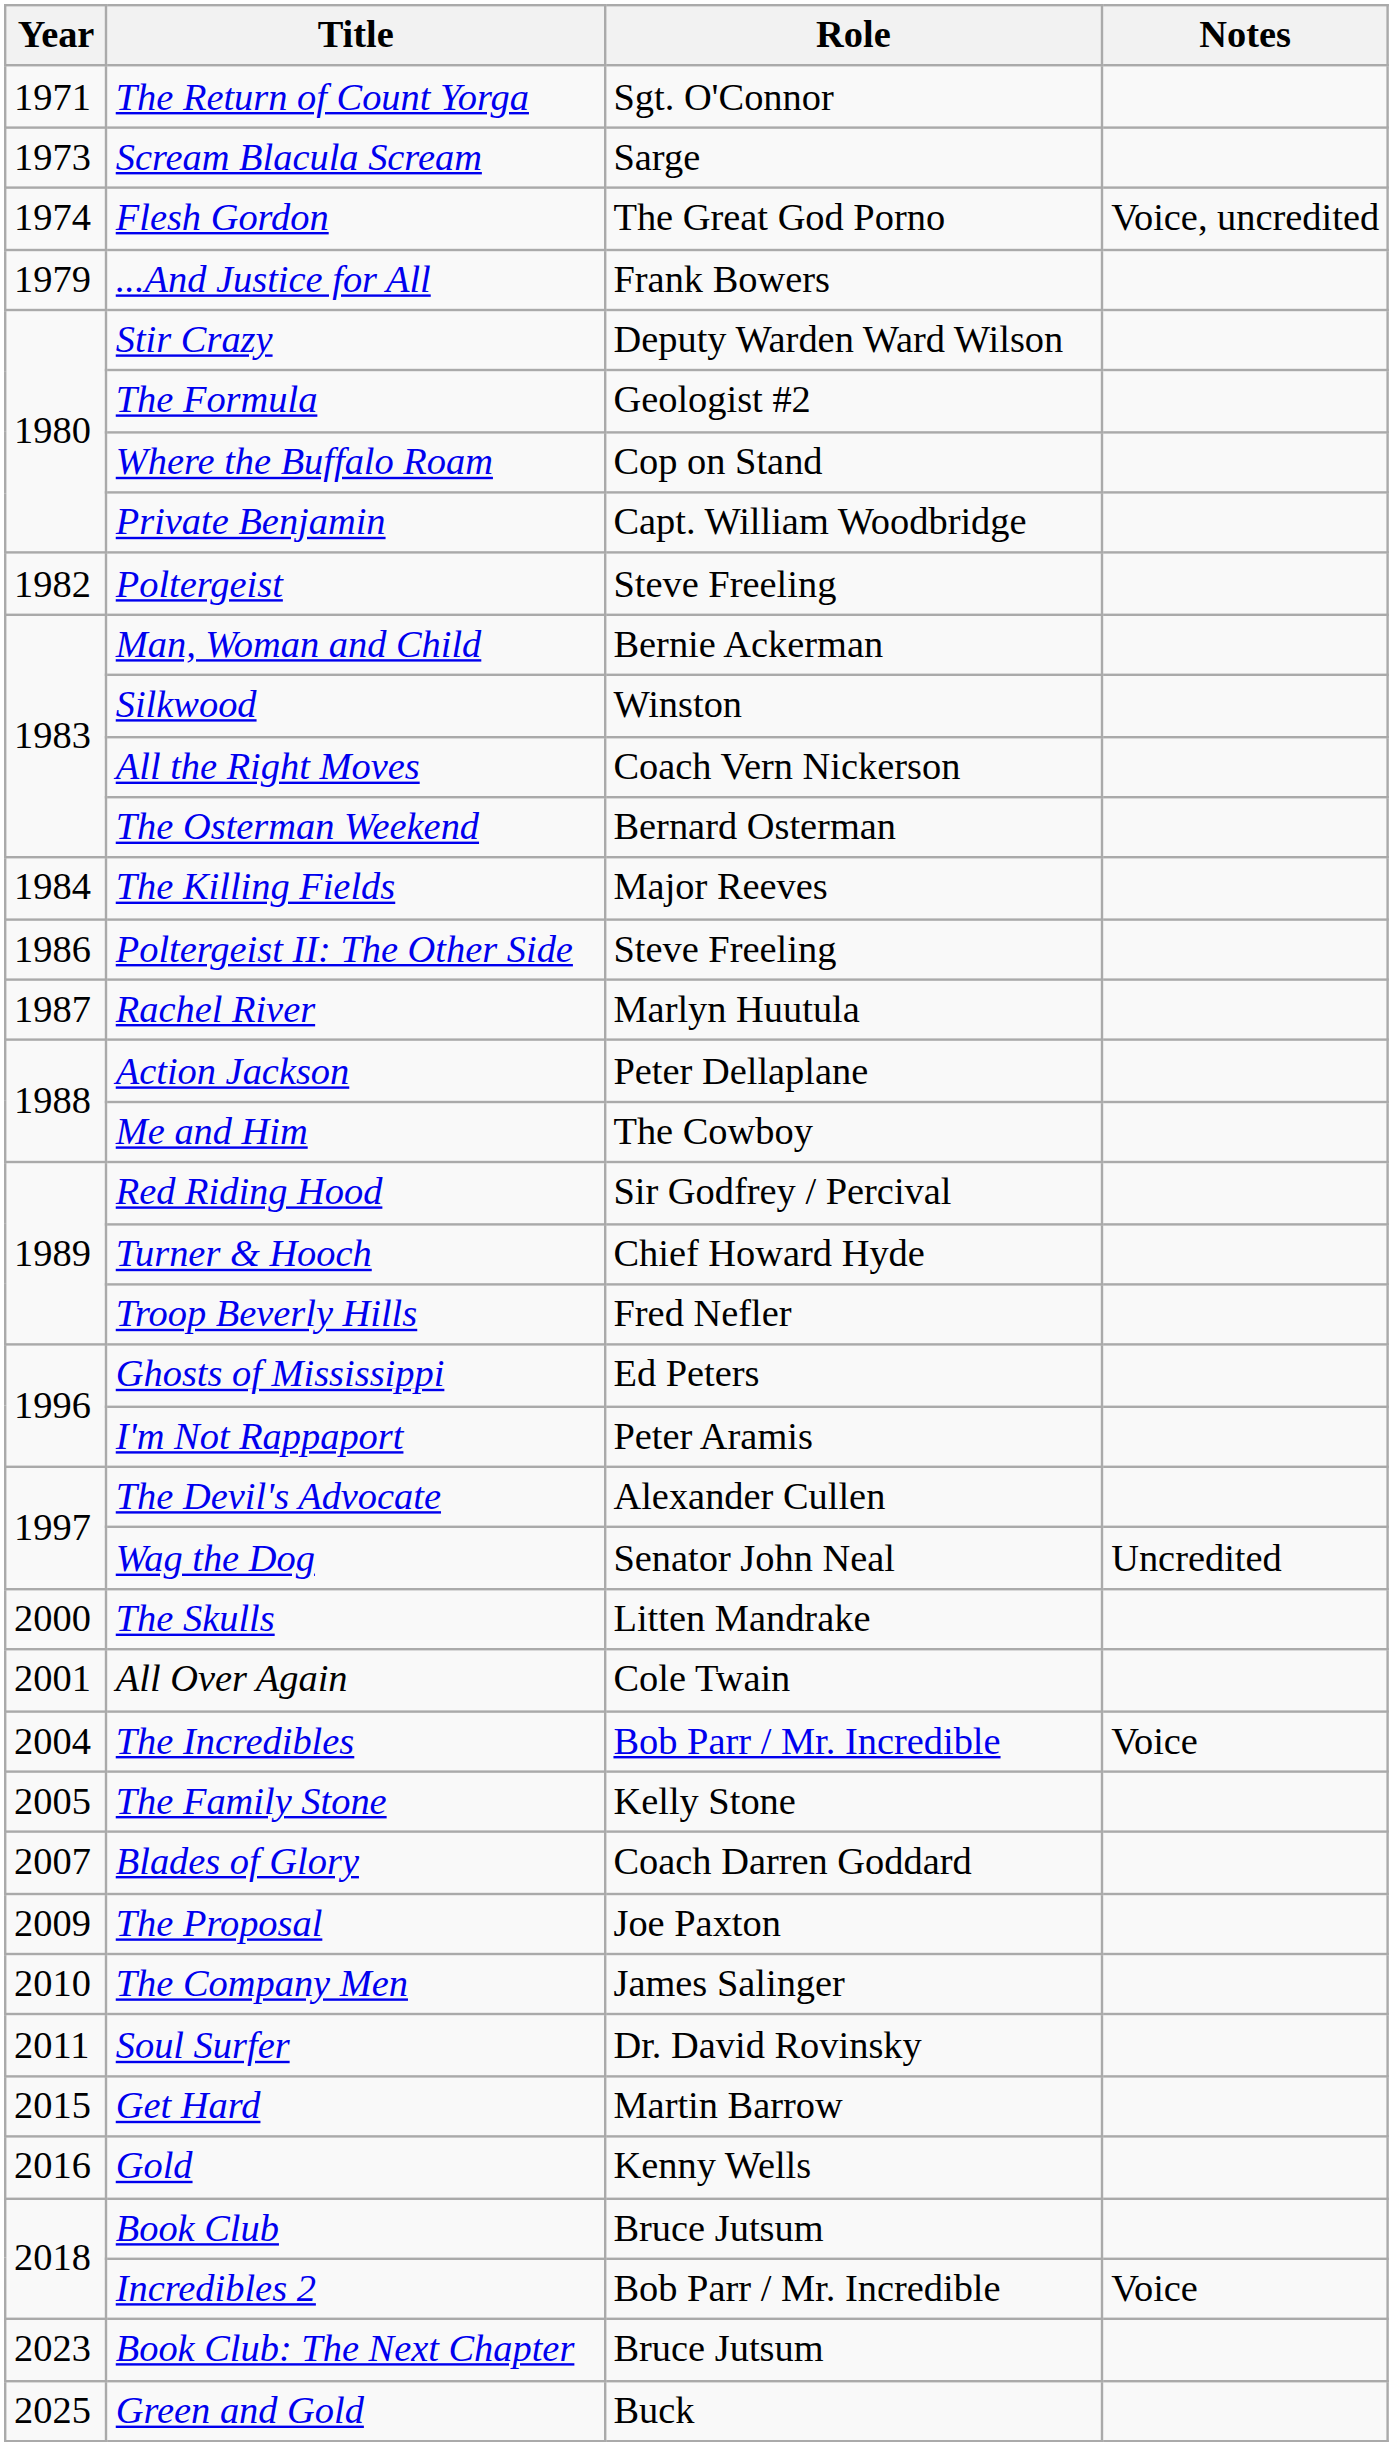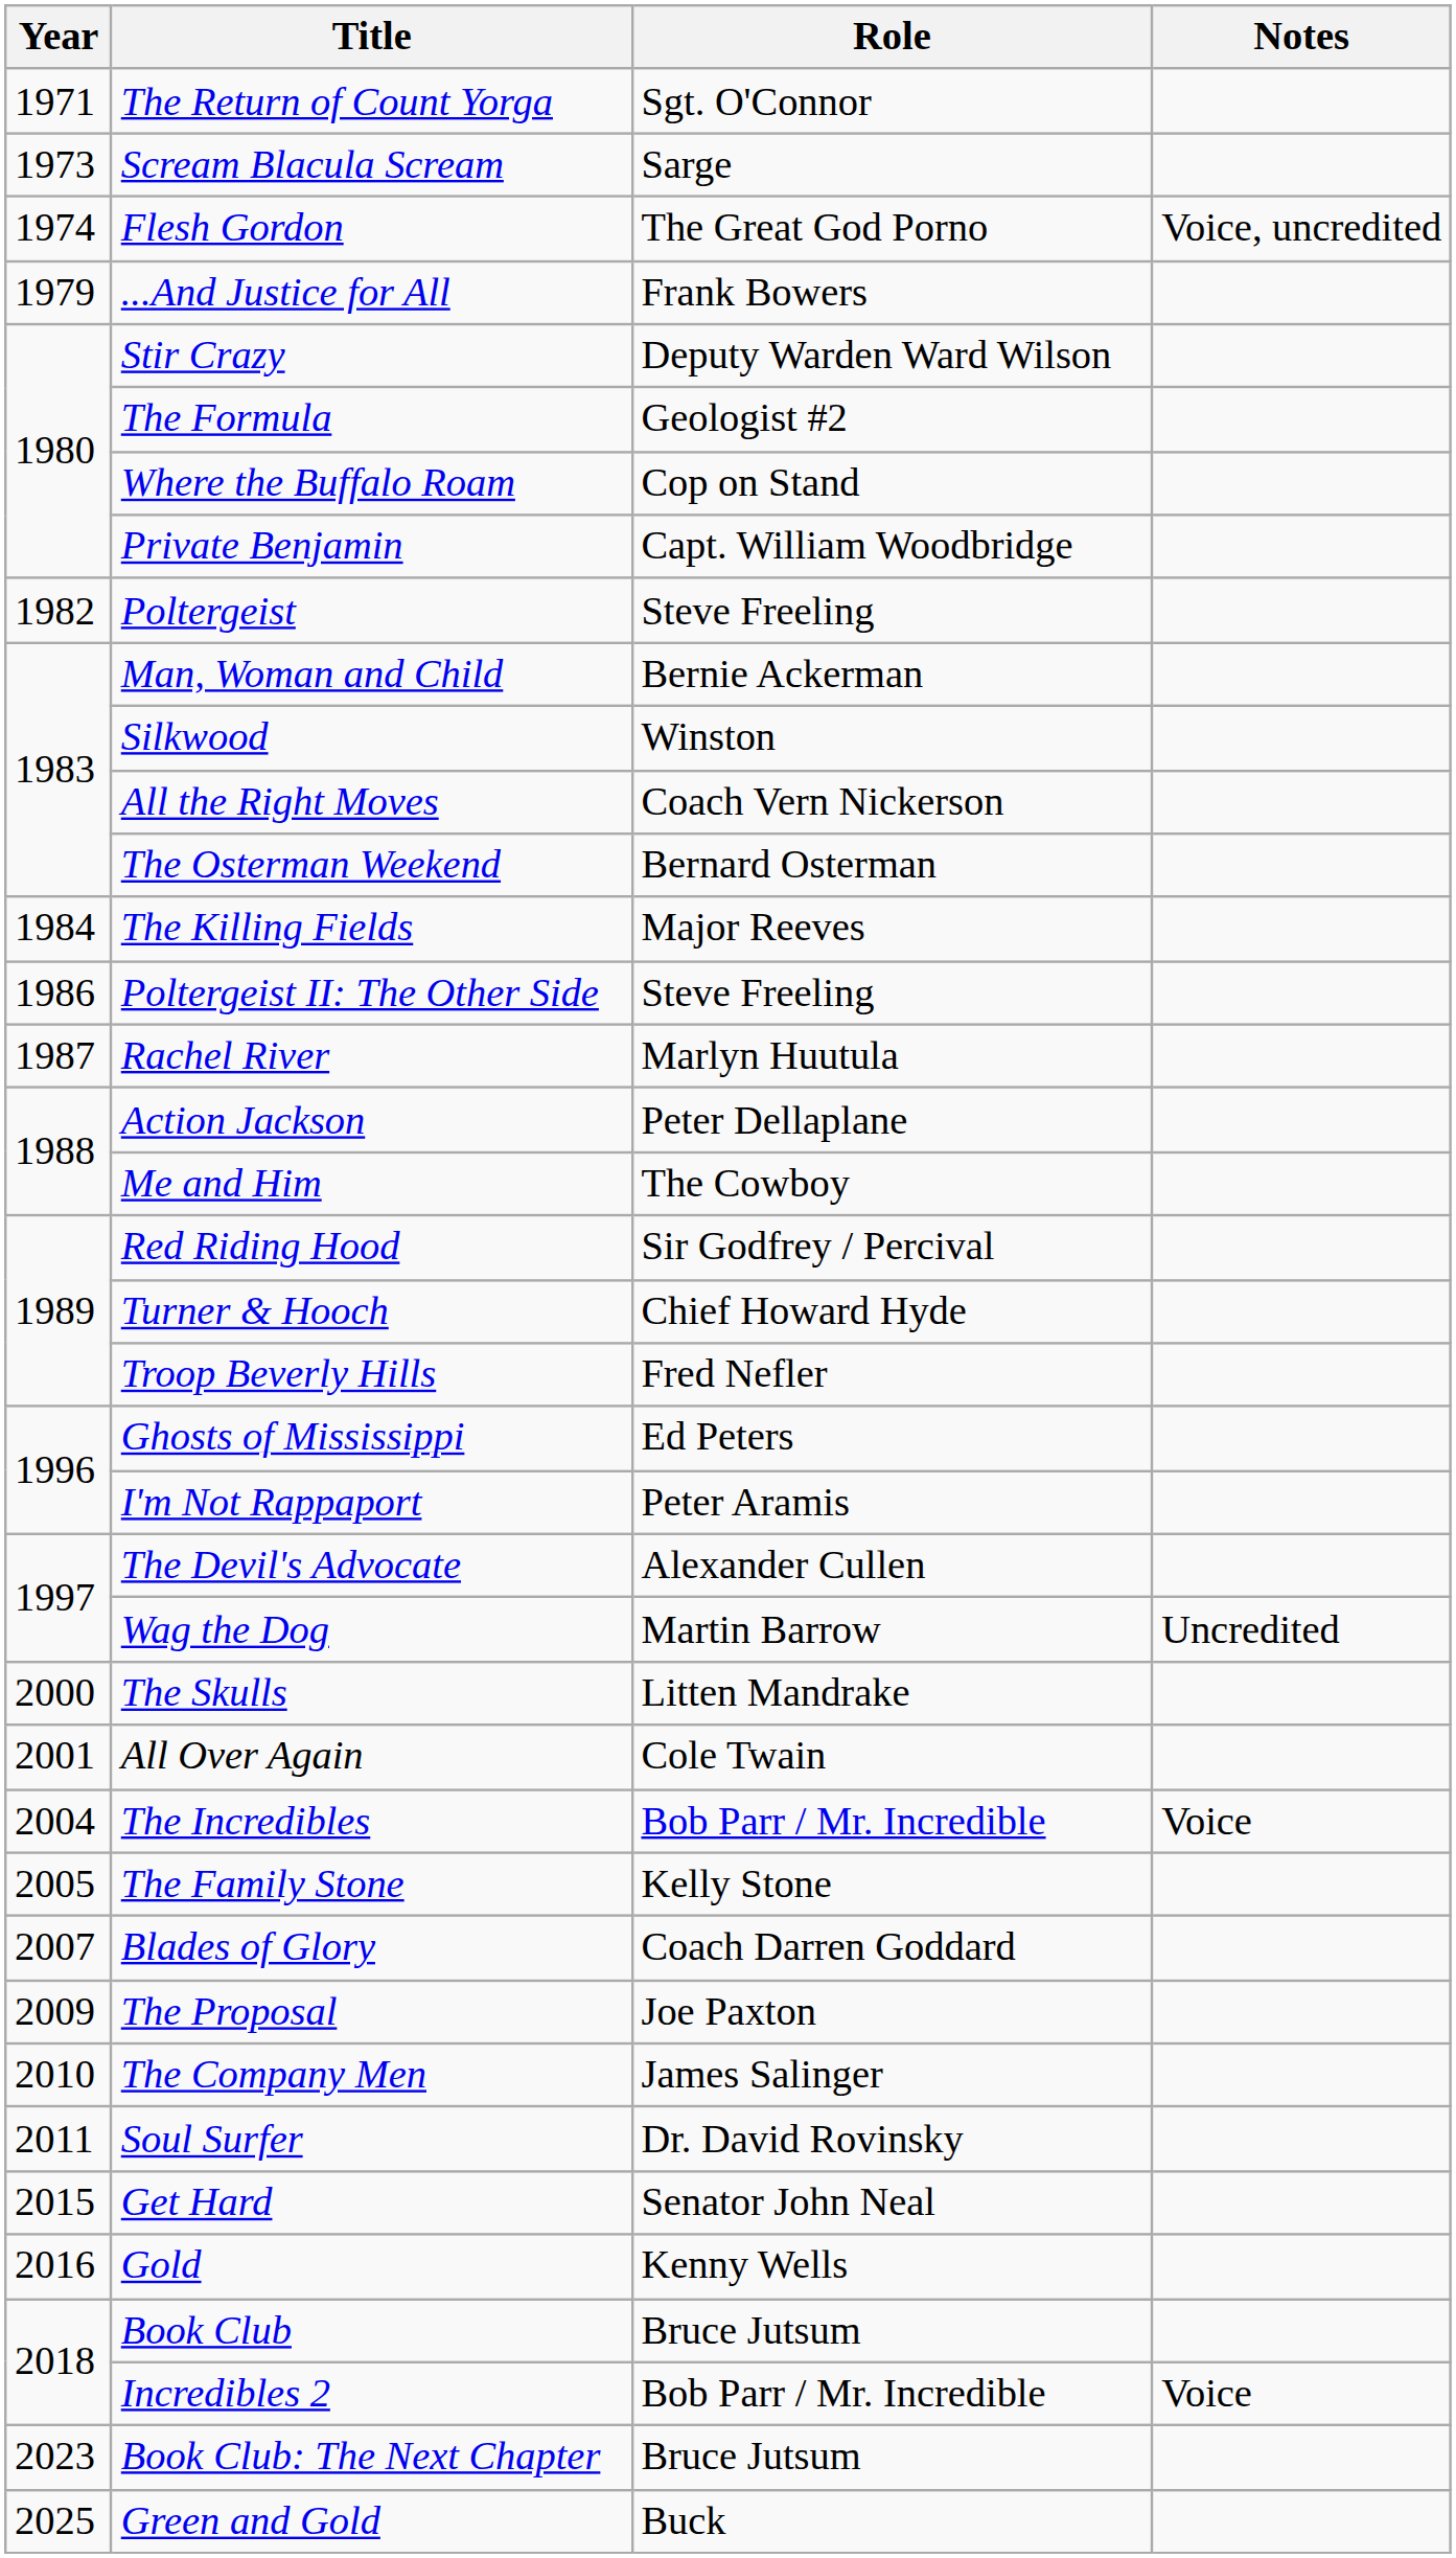 <table class="wikitable sortable">
 <tr>
 <th width=35px>Year</th>
 <th width=200px>Title</th>
 <th width=200px>Role</th>
 <th class="unsortable">Notes</th>
 </tr>
 <tr>
 <td>1971</td>
 <td><em><a href='#'>The Return of Count Yorga</a></em></td>
 <td>Sgt. O'Connor</td>
 <td></td>
 </tr>
 <tr>
 <td>1973</td>
 <td><em><a href='#'>Scream Blacula Scream</a></em></td>
 <td>Sarge</td>
 <td></td>
 </tr>
 <tr>
 <td>1974</td>
 <td><em><a href='#'>Flesh Gordon</a></em></td>
 <td>The Great God Porno</td>
 <td>Voice, uncredited</td>
 </tr>
 <tr 1974 Mary Tyler Moore Show>
 <td>1979</td>
 <td><em><a href='#'>...And Justice for All</a></em></td>
 <td>Frank Bowers</td>
 <td></td>
 </tr>
 <tr>
 <td rowspan="4">1980</td>
 <td><em><a href='#'>Stir Crazy</a></em></td>
 <td>Deputy Warden Ward Wilson</td>
 <td></td>
 </tr>
 <tr>
 <td><em><a href='#'>The Formula</a></em></td>
 <td>Geologist #2</td>
 <td></td>
 </tr>
 <tr>
 <td><em><a href='#'>Where the Buffalo Roam</a></em></td>
 <td>Cop on Stand</td>
 <td></td>
 </tr>
 <tr>
 <td><em><a href='#'>Private Benjamin</a></em></td>
 <td>Capt. William Woodbridge</td>
 <td></td>
 </tr>
 <tr>
 <td>1982</td>
 <td><em><a href='#'>Poltergeist</a></em></td>
 <td>Steve Freeling</td>
 <td></td>
 </tr>
 <tr>
 <td rowspan="4">1983</td>
 <td><em><a href='#'>Man, Woman and Child</a></em></td>
 <td>Bernie Ackerman</td>
 <td></td>
 </tr>
 <tr>
 <td><em><a href='#'>Silkwood</a></em></td>
 <td>Winston</td>
 <td></td>
 </tr>
 <tr>
 <td><em><a href='#'>All the Right Moves</a></em></td>
 <td>Coach Vern Nickerson</td>
 <td></td>
 </tr>
 <tr>
 <td><em><a href='#'>The Osterman Weekend</a></em></td>
 <td>Bernard Osterman</td>
 <td></td>
 </tr>
 <tr>
 <td>1984</td>
 <td><em><a href='#'>The Killing Fields</a></em></td>
 <td>Major Reeves</td>
 <td></td>
 </tr>
 <tr>
 <td>1986</td>
 <td><em><a href='#'>Poltergeist II: The Other Side</a></em></td>
 <td>Steve Freeling</td>
 <td></td>
 </tr>
 <tr>
 <td>1987</td>
 <td><em><a href='#'>Rachel River</a></em></td>
 <td>Marlyn Huutula</td>
 <td></td>
 </tr>
 <tr>
 <td rowspan="2">1988</td>
 <td><em><a href='#'>Action Jackson</a></em></td>
 <td>Peter Dellaplane</td>
 <td></td>
 </tr>
 <tr>
 <td><em><a href='#'>Me and Him</a></em></td>
 <td>The Cowboy</td>
 <td></td>
 </tr>
 <tr>
 <td rowspan="3">1989</td>
 <td><em><a href='#'>Red Riding Hood</a></em></td>
 <td>Sir Godfrey / Percival</td>
 <td></td>
 </tr>
 <tr>
 <td><em><a href='#'>Turner & Hooch</a></em></td>
 <td>Chief Howard Hyde</td>
 <td></td>
 </tr>
 <tr>
 <td><em><a href='#'>Troop Beverly Hills</a></em></td>
 <td>Fred Nefler</td>
 <td></td>
 </tr>
 <tr>
 <td rowspan="2">1996</td>
 <td><em><a href='#'>Ghosts of Mississippi</a></em></td>
 <td>Ed Peters</td>
 <td></td>
 </tr>
 <tr>
 <td><em><a href='#'>I'm Not Rappaport</a></em></td>
 <td>Peter Aramis</td>
 <td></td>
 </tr>
 <tr>
 <td rowspan="2">1997</td>
 <td><em><a href='#'>The Devil's Advocate</a></em></td>
 <td>Alexander Cullen</td>
 <td></td>
 </tr>
 <tr>
 <td><em><a href='#'>Wag the Dog</a></em></td>
-<td>Senator John Neal</td>
+<td>Martin Barrow</td>
 <td>Uncredited</td>
 </tr>
 <tr>
 <td>2000</td>
 <td><em><a href='#'>The Skulls</a></em></td>
 <td>Litten Mandrake</td>
 <td></td>
 </tr>
 <tr>
 <td>2001</td>
 <td><em>All Over Again</em></td>
 <td>Cole Twain</td>
 <td></td>
 </tr>
 <tr>
 <td>2004</td>
 <td><em><a href='#'>The Incredibles</a></em></td>
 <td><a href='#'>Bob Parr / Mr. Incredible</a></td>
 <td>Voice</td>
 </tr>
 <tr>
 <td>2005</td>
 <td><em><a href='#'>The Family Stone</a></em></td>
 <td>Kelly Stone</td>
 <td></td>
 </tr>
 <tr>
 <td>2007</td>
 <td><em><a href='#'>Blades of Glory</a></em></td>
 <td>Coach Darren Goddard</td>
 <td></td>
 </tr>
 <tr>
 <td>2009</td>
 <td><em><a href='#'>The Proposal</a></em></td>
 <td>Joe Paxton</td>
 <td></td>
 </tr>
 <tr>
 <td>2010</td>
 <td><em><a href='#'>The Company Men</a></em></td>
 <td>James Salinger</td>
 <td></td>
 </tr>
 <tr>
 <td>2011</td>
 <td><em><a href='#'>Soul Surfer</a></em></td>
 <td>Dr. David Rovinsky</td>
 <td></td>
 </tr>
 <tr>
 <td>2015</td>
 <td><em><a href='#'>Get Hard</a></em></td>
-<td>Martin Barrow</td>
+<td>Senator John Neal</td>
 <td></td>
 </tr>
 <tr>
 <td>2016</td>
 <td><em><a href='#'>Gold</a></em></td>
 <td>Kenny Wells</td>
 <td></td>
 </tr>
 <tr>
 <td rowspan="2">2018</td>
 <td><em><a href='#'>Book Club</a></em></td>
 <td>Bruce Jutsum</td>
 <td></td>
 </tr>
 <tr>
 <td><em><a href='#'>Incredibles 2</a></em></td>
 <td>Bob Parr / Mr. Incredible</td>
 <td>Voice</td>
 </tr>
 <tr>
 <td>2023</td>
 <td><em><a href='#'>Book Club: The Next Chapter</a></em></td>
 <td>Bruce Jutsum</td>
 <td></td>
 </tr>
 <tr>
 <td>2025</td>
 <td><em><a href='#'>Green and Gold</a></em></td>
 <td>Buck</td>
 <td></td>
 </tr>
 </table>
